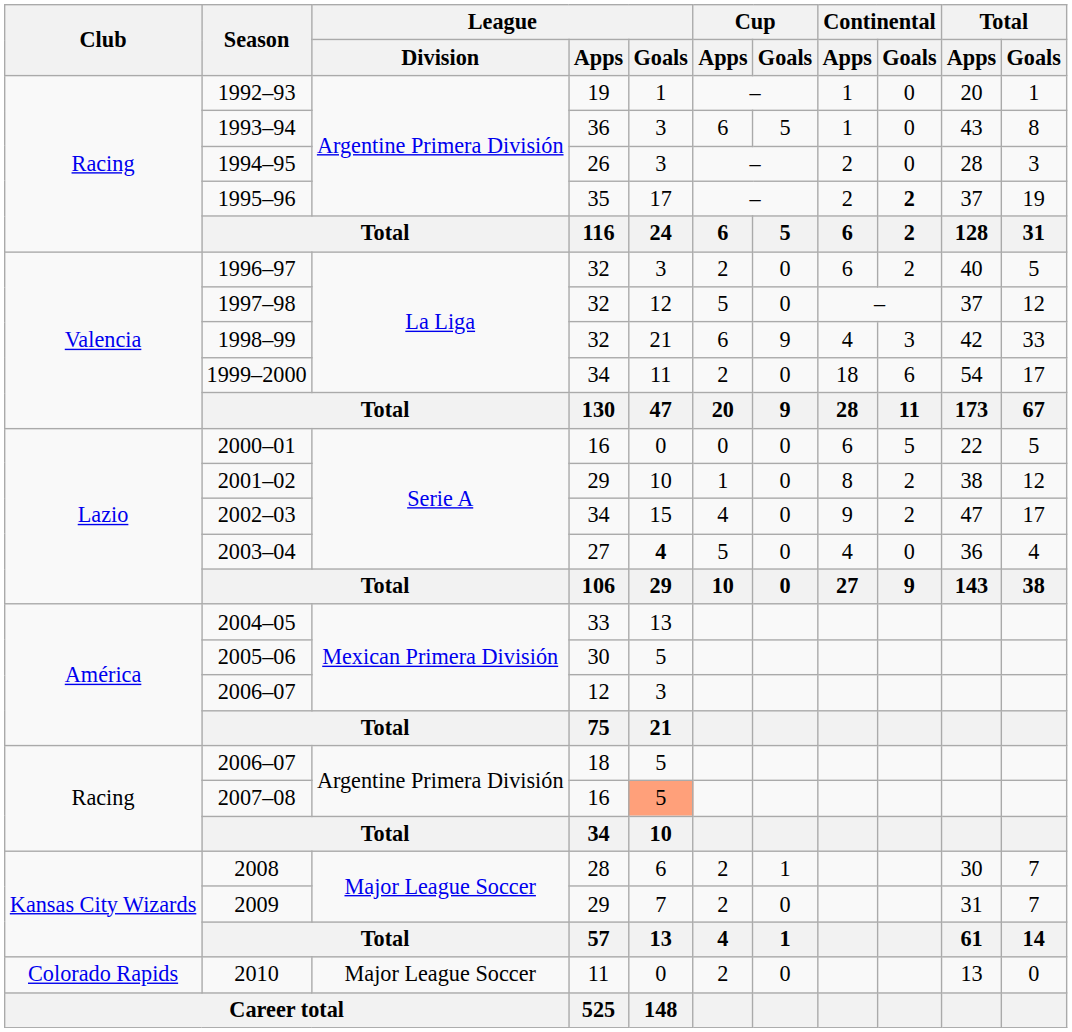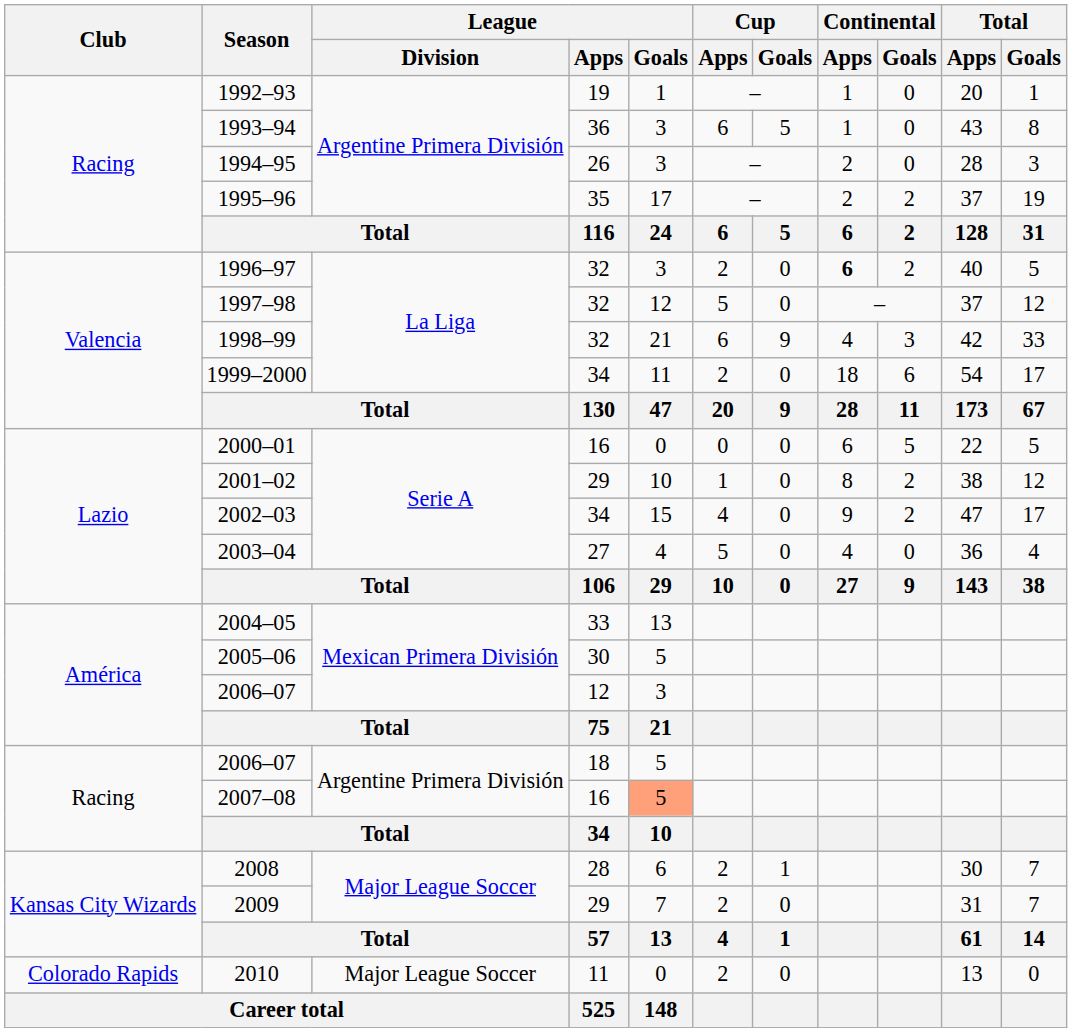 <table class="wikitable" style="text-align:center">
 <tr>
 <th rowspan="2">Club</th>
 <th rowspan="2">Season</th>
 <th colspan="3">League</th>
 <th colspan="2">Cup</th>
 <th colspan="2">Continental</th>
 <th colspan="2">Total</th>
 </tr>
 <tr>
 <th>Division</th>
 <th>Apps</th>
 <th>Goals</th>
 <th>Apps</th>
 <th>Goals</th>
 <th>Apps</th>
 <th>Goals</th>
 <th>Apps</th>
 <th>Goals</th>
 </tr>
 <tr>
 <td rowspan="5"><a href='#'>Racing</a></td>
 <td>1992–93</td>
 <td rowspan="4"><a href='#'>Argentine Primera División</a></td>
 <td>19</td>
 <td>1</td>
 <td colspan="2">–</td>
 <td>1</td>
 <td>0</td>
 <td>20</td>
 <td>1</td>
 </tr>
 <tr>
 <td>1993–94</td>
 <td>36</td>
 <td>3</td>
 <td>6</td>
 <td>5</td>
 <td>1</td>
 <td>0</td>
 <td>43</td>
 <td>8</td>
 </tr>
 <tr>
 <td>1994–95</td>
 <td>26</td>
 <td>3</td>
 <td colspan="2">–</td>
 <td>2</td>
 <td>0</td>
 <td>28</td>
 <td>3</td>
 </tr>
 <tr>
 <td>1995–96</td>
 <td>35</td>
 <td>17</td>
 <td colspan="2">–</td>
 <td>2</td>
-<td><strong>2</strong></td>
+<td>2</td>
 <td>37</td>
 <td>19</td>
 </tr>
 <tr>
 <th colspan="2">Total</th>
 <th>116</th>
 <th>24</th>
 <th>6</th>
 <th>5</th>
 <th>6</th>
 <th>2</th>
 <th>128</th>
 <th>31</th>
 </tr>
 <tr>
 <td rowspan="5"><a href='#'>Valencia</a></td>
 <td>1996–97</td>
 <td rowspan="4"><a href='#'>La Liga</a></td>
 <td>32</td>
 <td>3</td>
 <td>2</td>
 <td>0</td>
-<td>6</td>
+<td><strong>6</strong></td>
 <td>2</td>
 <td>40</td>
 <td>5</td>
 </tr>
 <tr>
 <td>1997–98</td>
 <td>32</td>
 <td>12</td>
 <td>5</td>
 <td>0</td>
 <td colspan="2">–</td>
 <td>37</td>
 <td>12</td>
 </tr>
 <tr>
 <td>1998–99</td>
 <td>32</td>
 <td>21</td>
 <td>6</td>
 <td>9</td>
 <td>4</td>
 <td>3</td>
 <td>42</td>
 <td>33</td>
 </tr>
 <tr>
 <td>1999–2000</td>
 <td>34</td>
 <td>11</td>
 <td>2</td>
 <td>0</td>
 <td>18</td>
 <td>6</td>
 <td>54</td>
 <td>17</td>
 </tr>
 <tr>
 <th colspan="2">Total</th>
 <th>130</th>
 <th>47</th>
 <th>20</th>
 <th>9</th>
 <th>28</th>
 <th>11</th>
 <th>173</th>
 <th>67</th>
 </tr>
 <tr>
 <td rowspan="5"><a href='#'>Lazio</a></td>
 <td>2000–01</td>
 <td rowspan="4"><a href='#'>Serie A</a></td>
 <td>16</td>
 <td>0</td>
 <td>0</td>
 <td>0</td>
 <td>6</td>
 <td>5</td>
 <td>22</td>
 <td>5</td>
 </tr>
 <tr>
 <td>2001–02</td>
 <td>29</td>
 <td>10</td>
 <td>1</td>
 <td>0</td>
 <td>8</td>
 <td>2</td>
 <td>38</td>
 <td>12</td>
 </tr>
 <tr>
 <td>2002–03</td>
 <td>34</td>
 <td>15</td>
 <td>4</td>
 <td>0</td>
 <td>9</td>
 <td>2</td>
 <td>47</td>
 <td>17</td>
 </tr>
 <tr>
 <td>2003–04</td>
 <td>27</td>
-<td><strong>4</strong></td>
+<td>4</td>
 <td>5</td>
 <td>0</td>
 <td>4</td>
 <td>0</td>
 <td>36</td>
 <td>4</td>
 </tr>
 <tr>
 <th colspan="2">Total</th>
 <th>106</th>
 <th>29</th>
 <th>10</th>
 <th>0</th>
 <th>27</th>
 <th>9</th>
 <th>143</th>
 <th>38</th>
 </tr>
 <tr>
 <td rowspan="4"><a href='#'>América</a></td>
 <td>2004–05</td>
 <td rowspan="3"><a href='#'>Mexican Primera División</a></td>
 <td>33</td>
 <td>13</td>
 <td></td>
 <td></td>
 <td></td>
 <td></td>
 <td></td>
 <td></td>
 </tr>
 <tr>
 <td>2005–06</td>
 <td>30</td>
 <td>5</td>
 <td></td>
 <td></td>
 <td></td>
 <td></td>
 <td></td>
 <td></td>
 </tr>
 <tr>
 <td>2006–07</td>
 <td>12</td>
 <td>3</td>
 <td></td>
 <td></td>
 <td></td>
 <td></td>
 <td></td>
 <td></td>
 </tr>
 <tr>
 <th colspan="2">Total</th>
 <th>75</th>
 <th>21</th>
 <th></th>
 <th></th>
 <th></th>
 <th></th>
 <th></th>
 <th></th>
 </tr>
 <tr>
 <td rowspan="3">Racing</td>
 <td>2006–07</td>
 <td rowspan="2">Argentine Primera División</td>
 <td>18</td>
 <td>5</td>
 <td></td>
 <td></td>
 <td></td>
 <td></td>
 <td></td>
 <td></td>
 </tr>
 <tr>
 <td>2007–08</td>
 <td>16</td>
 <td style="background: lightsalmon;">5</td>
 <td></td>
 <td></td>
 <td></td>
 <td></td>
 <td></td>
 <td></td>
 </tr>
 <tr>
 <th colspan="2">Total</th>
 <th>34</th>
 <th>10</th>
 <th></th>
 <th></th>
 <th></th>
 <th></th>
 <th></th>
 <th></th>
 </tr>
 <tr>
 <td rowspan="3"><a href='#'>Kansas City Wizards</a></td>
 <td>2008</td>
 <td rowspan="2"><a href='#'>Major League Soccer</a></td>
 <td>28</td>
 <td>6</td>
 <td>2</td>
 <td>1</td>
 <td></td>
 <td></td>
 <td>30</td>
 <td>7</td>
 </tr>
 <tr>
 <td>2009</td>
 <td>29</td>
 <td>7</td>
 <td>2</td>
 <td>0</td>
 <td></td>
 <td></td>
 <td>31</td>
 <td>7</td>
 </tr>
 <tr>
 <th colspan="2">Total</th>
 <th>57</th>
 <th>13</th>
 <th>4</th>
 <th>1</th>
 <th></th>
 <th></th>
 <th>61</th>
 <th>14</th>
 </tr>
 <tr>
 <td><a href='#'>Colorado Rapids</a></td>
 <td>2010</td>
 <td>Major League Soccer</td>
 <td>11</td>
 <td>0</td>
 <td>2</td>
 <td>0</td>
 <td></td>
 <td></td>
 <td>13</td>
 <td>0</td>
 </tr>
 <tr>
 <th colspan="3">Career total</th>
 <th>525</th>
 <th>148</th>
 <th></th>
 <th></th>
 <th></th>
 <th></th>
 <th></th>
 <th></th>
 </tr>
 </table>
